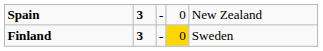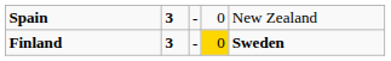 <table class="wikitable">
 <tr>
 <td width=150> <strong>Spain</strong></td>
 <td style="width:20px; text-align:left;"><strong>3</strong></td>
 <td>-</td>
 <td style="width:20px; text-align:right;">0</td>
 <td width=150> New Zealand</td>
 </tr>
 <tr>
 <td> <strong>Finland</strong></td>
 <td style="text-align:left;"><strong>3</strong></td>
 <td>-</td>
 <td style="background: gold; text-align:right;">0</td>
-<td> Sweden</td>
+<td><strong> Sweden</strong></td>
 </tr>
 </table>
